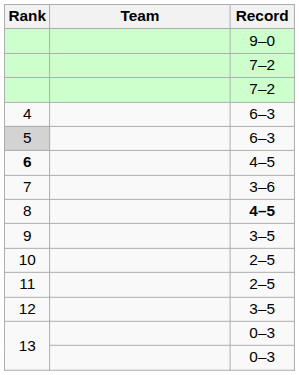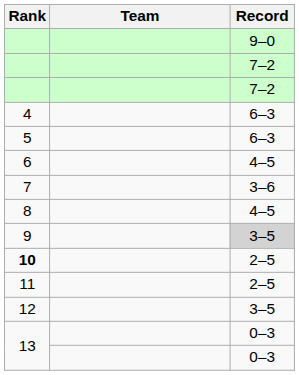 <table class="wikitable" style="text-align: center;">
 <tr>
 <th width=40>Rank</th>
 <th width=180>Team</th>
 <th width=60>Record</th>
 </tr>
 <tr bgcolor="#ccffcc">
 <td></td>
 <td align="left"></td>
 <td>9–0</td>
 </tr>
 <tr bgcolor= "#ccffcc">
 <td></td>
 <td align="left"></td>
 <td>7–2</td>
 </tr>
 <tr bgcolor="#ccffcc">
 <td></td>
 <td align="left"></td>
 <td>7–2</td>
 </tr>
 <tr>
 <td>4</td>
 <td align="left"></td>
 <td>6–3</td>
 </tr>
 <tr>
-<td style="background: lightgrey;">5</td>
+<td>5</td>
 <td align="left"></td>
 <td>6–3</td>
 </tr>
 <tr>
-<td><strong>6</strong></td>
+<td>6</td>
 <td align="left"></td>
 <td>4–5</td>
 </tr>
 <tr>
 <td>7</td>
 <td align="left"></td>
 <td>3–6</td>
 </tr>
 <tr>
 <td>8</td>
 <td align="left"></td>
-<td><strong>4–5</strong></td>
+<td>4–5</td>
 </tr>
 <tr>
 <td>9</td>
 <td align="left"></td>
-<td>3–5</td>
+<td style="background: lightgrey;">3–5</td>
 </tr>
 <tr>
-<td>10</td>
+<td><strong>10</strong></td>
 <td align="left"></td>
 <td>2–5</td>
 </tr>
 <tr>
 <td>11</td>
 <td align="left"></td>
 <td>2–5</td>
 </tr>
 <tr>
 <td>12</td>
 <td align="left"></td>
 <td>3–5</td>
 </tr>
 <tr>
 <td rowspan=2>13</td>
 <td align="left"></td>
 <td>0–3</td>
 </tr>
 <tr>
 <td align="left"></td>
 <td>0–3</td>
 </tr>
 </table>
